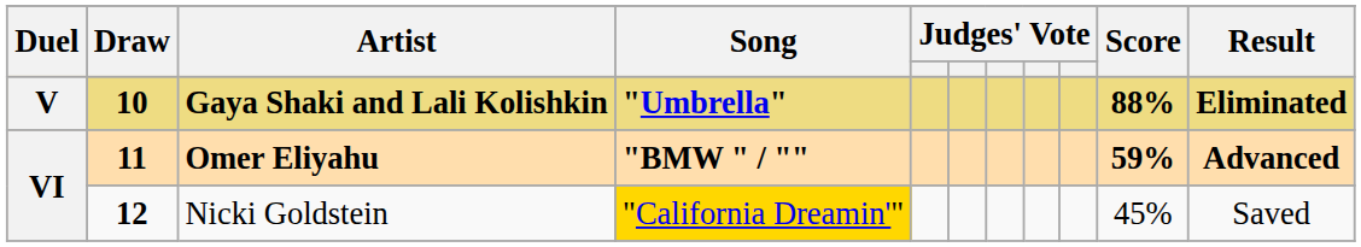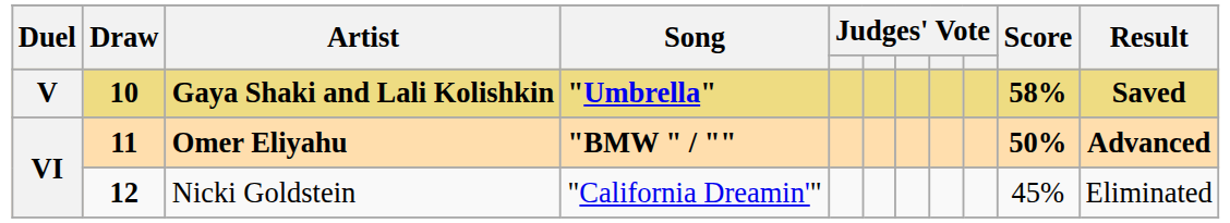 <table class="sortable wikitable" style="margin: 1em auto 1em auto; text-align:center; font-size:90%; line-height:18px;">
 <tr>
 </tr>
 <tr>
 <th rowspan="2" class="unsortable">Duel</th>
 <th rowspan="2">Draw</th>
 <th rowspan="2">Artist</th>
 <th rowspan="2">Song</th>
 <th colspan="5" class="unsortable">Judges' Vote</th>
 <th rowspan="2">Score</th>
 <th rowspan="2">Result</th>
 </tr>
 <tr>
 <th class="unsortable"></th>
 <th class="unsortable"></th>
 <th class="unsortable"></th>
 <th class="unsortable"></th>
 <th class="unsortable"></th>
 </tr>
 <tr style="font-weight:bold; background:#eedc82;">
 <th>V</th>
 <td>10</td>
 <td align="left">Gaya Shaki and Lali Kolishkin</td>
 <td align="left">"<a href='#'>Umbrella</a>"</td>
 <td></td>
 <td></td>
 <td></td>
 <td></td>
 <td></td>
-<td>88%</td>
-<td>Eliminated</td>
+<td>58%</td>
+<td>Saved</td>
 </tr>
 <tr style="font-weight:bold; background:navajowhite;">
 <th rowspan="2" class="unsortable">VI</th>
 <td>11</td>
 <td align="left">Omer Eliyahu</td>
 <td align="left">"BMW " / ""</td>
 <td></td>
 <td></td>
 <td></td>
 <td></td>
 <td></td>
-<td>59%</td>
+<td>50%</td>
 <td>Advanced</td>
 </tr>
 <tr>
 <td><strong>12</strong></td>
 <td align="left">Nicki Goldstein</td>
-<td align="left" style="background: gold;">"<a href='#'>California Dreamin'</a>"</td>
+<td align="left">"<a href='#'>California Dreamin'</a>"</td>
 <td></td>
 <td></td>
 <td></td>
 <td></td>
 <td></td>
 <td>45%</td>
-<td>Saved</td>
+<td>Eliminated</td>
 </tr>
 </table>
